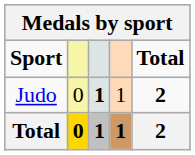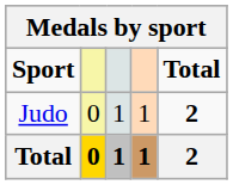 <table class="wikitable" style=font-size:85%;float:center;text-align:center>
 <tr style="background:#efefef;">
 <th colspan=5><strong>Medals by sport</strong></th>
 </tr>
 <tr align=center>
 <td><strong>Sport</strong></td>
 <td bgcolor=#f7f6a8></td>
 <td bgcolor=#dce5e5></td>
 <td bgcolor=#ffdab9></td>
 <td><strong>Total</strong></td>
 </tr>
 <tr align=center>
 <td><a href='#'>Judo</a></td>
 <td style="background:#F7F6A8;">0</td>
-<td style="background:#DCE5E5;"><strong>1</strong></td>
+<td style="background:#DCE5E5;">1</td>
 <td style="background:#FFDAB9;">1</td>
 <td><strong>2</strong></td>
 </tr>
 <tr align=center>
 <th><strong>Total</strong></th>
 <th style="background:gold;"><strong>0</strong></th>
 <th style="background:silver;"><strong>1</strong></th>
 <th style="background:#c96;"><strong>1</strong></th>
 <th><strong>2</strong></th>
 </tr>
 </table>
